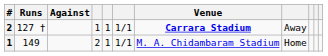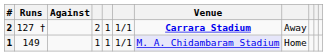 <table class="wikitable sortable"  style="text-align:center">
 <tr>
 <th>#</th>
 <th>Runs</th>
 <th>Against</th>
 <th><a href='#'></a></th>
 <th><a href='#'></a></th>
 <th></th>
 <th>Venue</th>
 <th></th>
 <th></th>
 <th></th>
 <th class="unsortable" scope="col"></th>
 </tr>
 <tr>
 <th>2</th>
 <td>127 †</td>
 <td></td>
-<td>1</td>
+<td>2</td>
 <td>1</td>
 <td>1/1</td>
 <td><strong><a href='#'>Carrara Stadium</a></strong></td>
 <td>Away</td>
 <td></td>
 <td></td>
 <td></td>
 </tr>
 <tr>
 <th>1</th>
 <td>149</td>
 <td></td>
-<td>2</td>
+<td>1</td>
 <td>1</td>
 <td>1/1</td>
-<td><a href='#'>M. A. Chidambaram Stadium</a></td>
+<td style="background: lavender;"><a href='#'>M. A. Chidambaram Stadium</a></td>
 <td>Home</td>
 <td></td>
 <td></td>
 <td></td>
 </tr>
 </table>
